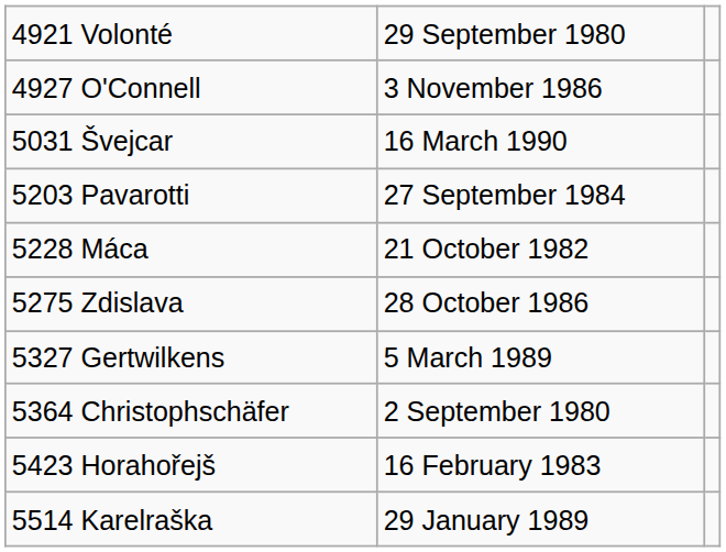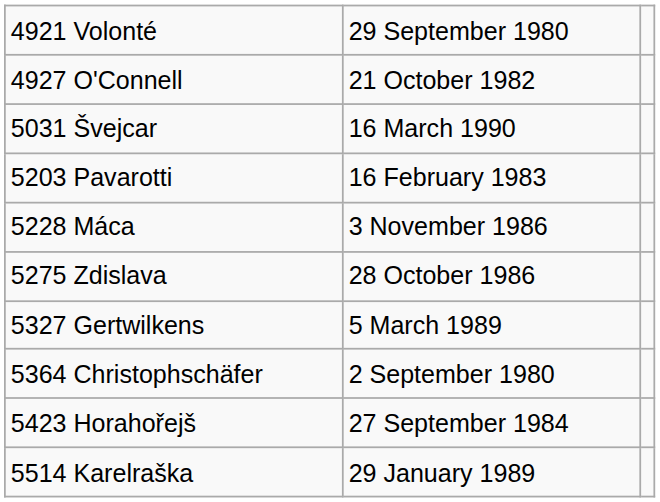 <table class="wikitable" style="font-size: 89%; float: left; width: 26em; margin-right: 1em; height: 280px;">
 <tr>
 <td>4921 Volonté</td>
 <td>29 September 1980</td>
 <td></td>
 </tr>
 <tr>
 <td>4927 O'Connell</td>
-<td>3 November 1986</td>
+<td>21 October 1982</td>
 <td></td>
 </tr>
 <tr>
 <td>5031 Švejcar</td>
 <td>16 March 1990</td>
 <td></td>
 </tr>
 <tr>
 <td>5203 Pavarotti</td>
-<td>27 September 1984</td>
+<td>16 February 1983</td>
 <td></td>
 </tr>
 <tr>
 <td>5228 Máca</td>
-<td>21 October 1982</td>
+<td>3 November 1986</td>
 <td></td>
 </tr>
 <tr>
 <td>5275 Zdislava</td>
 <td>28 October 1986</td>
 <td></td>
 </tr>
 <tr>
 <td>5327 Gertwilkens</td>
 <td>5 March 1989</td>
 <td></td>
 </tr>
 <tr>
 <td>5364 Christophschäfer</td>
 <td>2 September 1980</td>
 <td></td>
 </tr>
 <tr>
 <td>5423 Horahořejš</td>
-<td>16 February 1983</td>
+<td>27 September 1984</td>
 <td></td>
 </tr>
 <tr>
 <td>5514 Karelraška</td>
 <td>29 January 1989</td>
 <td></td>
 </tr>
 </table>
